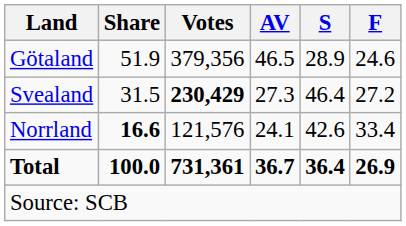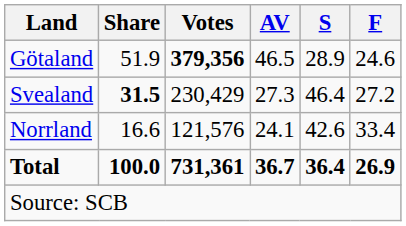 <table class="wikitable sortable" style=text-align:right>
 <tr>
 <th>Land</th>
 <th>Share</th>
 <th>Votes</th>
 <th><a href='#'>AV</a></th>
 <th><a href='#'>S</a></th>
 <th><a href='#'>F</a></th>
 </tr>
 <tr>
 <td align=left><a href='#'>Götaland</a></td>
 <td>51.9</td>
-<td>379,356</td>
+<td><strong>379,356</strong></td>
 <td>46.5</td>
 <td>28.9</td>
 <td>24.6</td>
 </tr>
 <tr>
 <td align=left><a href='#'>Svealand</a></td>
-<td>31.5</td>
-<td><strong>230,429</strong></td>
+<td><strong>31.5</strong></td>
+<td>230,429</td>
 <td>27.3</td>
 <td>46.4</td>
 <td>27.2</td>
 </tr>
 <tr>
 <td align=left><a href='#'>Norrland</a></td>
-<td><strong>16.6</strong></td>
+<td>16.6</td>
 <td>121,576</td>
 <td>24.1</td>
 <td>42.6</td>
 <td>33.4</td>
 </tr>
 <tr>
 <td align=left><strong>Total</strong></td>
 <td><strong>100.0</strong></td>
 <td><strong>731,361</strong></td>
 <td><strong>36.7</strong></td>
 <td><strong>36.4</strong></td>
 <td><strong>26.9</strong></td>
 </tr>
 <tr>
 <td align=left colspan=6>Source: SCB </td>
 </tr>
 </table>
